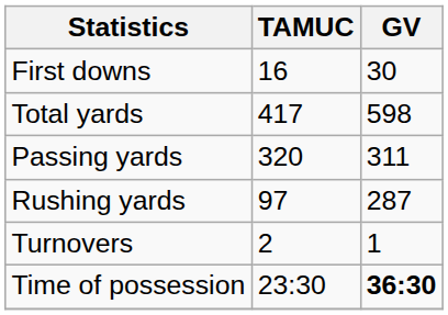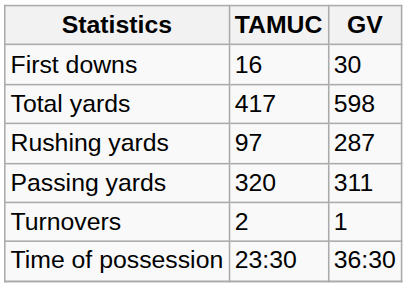 <table class="wikitable" style="float: left;">
 <tr>
 <th>Statistics</th>
 <th>TAMUC</th>
 <th>GV</th>
 </tr>
 <tr>
 <td>First downs</td>
 <td>16</td>
 <td>30</td>
 </tr>
 <tr>
 <td>Total yards</td>
 <td>417</td>
 <td>598</td>
 </tr>
 <tr>
+<td>Rushing yards</td>
+<td>97</td>
+<td>287</td>
+</tr>
+<tr>
 <td>Passing yards</td>
 <td>320</td>
 <td>311</td>
-</tr>
-<tr>
-<td>Rushing yards</td>
-<td>97</td>
-<td>287</td>
 </tr>
 <tr>
 <td>Turnovers</td>
 <td>2</td>
 <td>1</td>
 </tr>
 <tr>
 <td>Time of possession</td>
 <td>23:30</td>
-<td><strong>36:30</strong></td>
+<td>36:30</td>
 </tr>
 <tr>
 </tr>
 </table>
